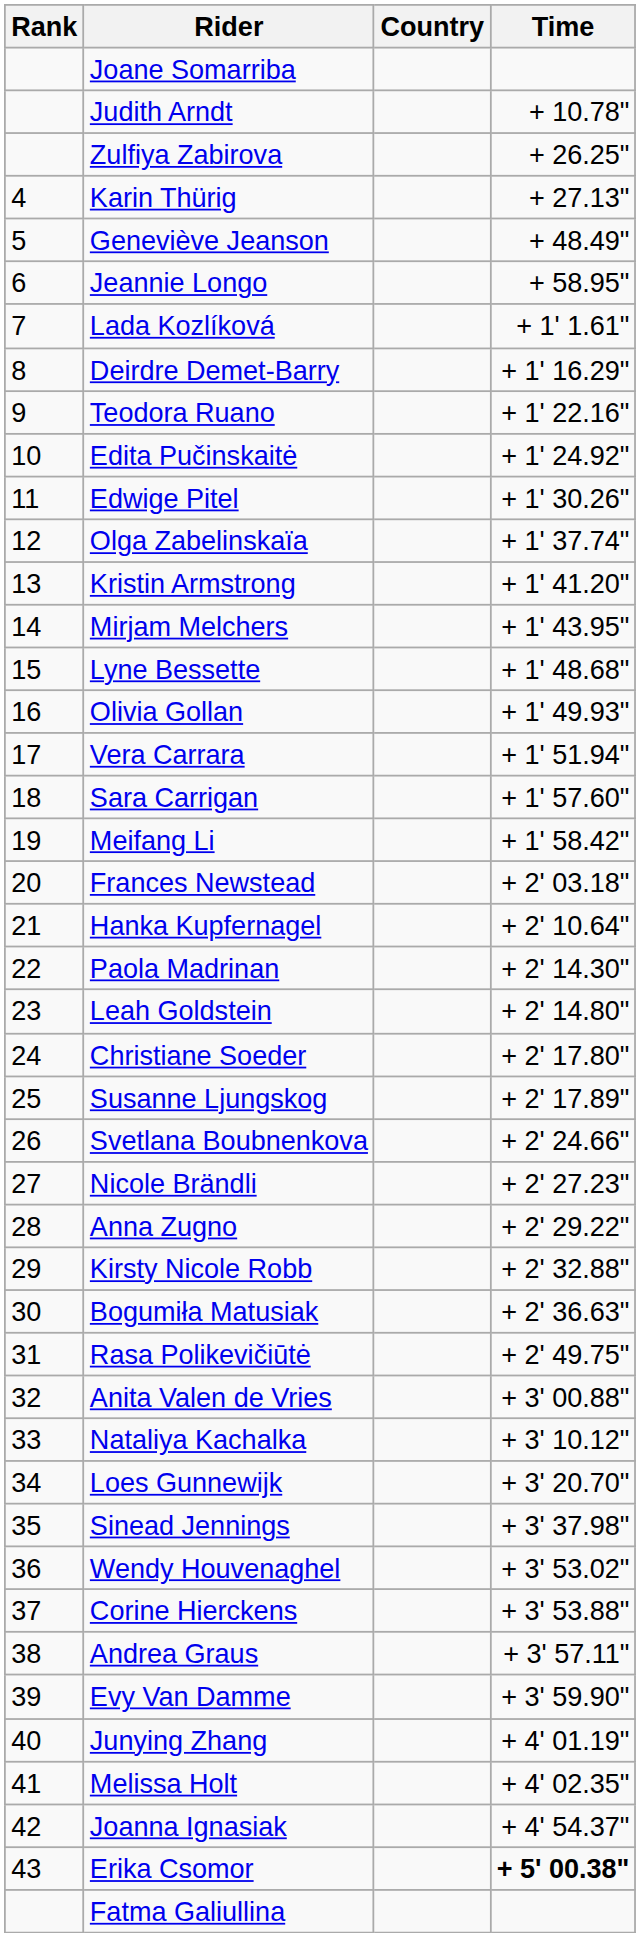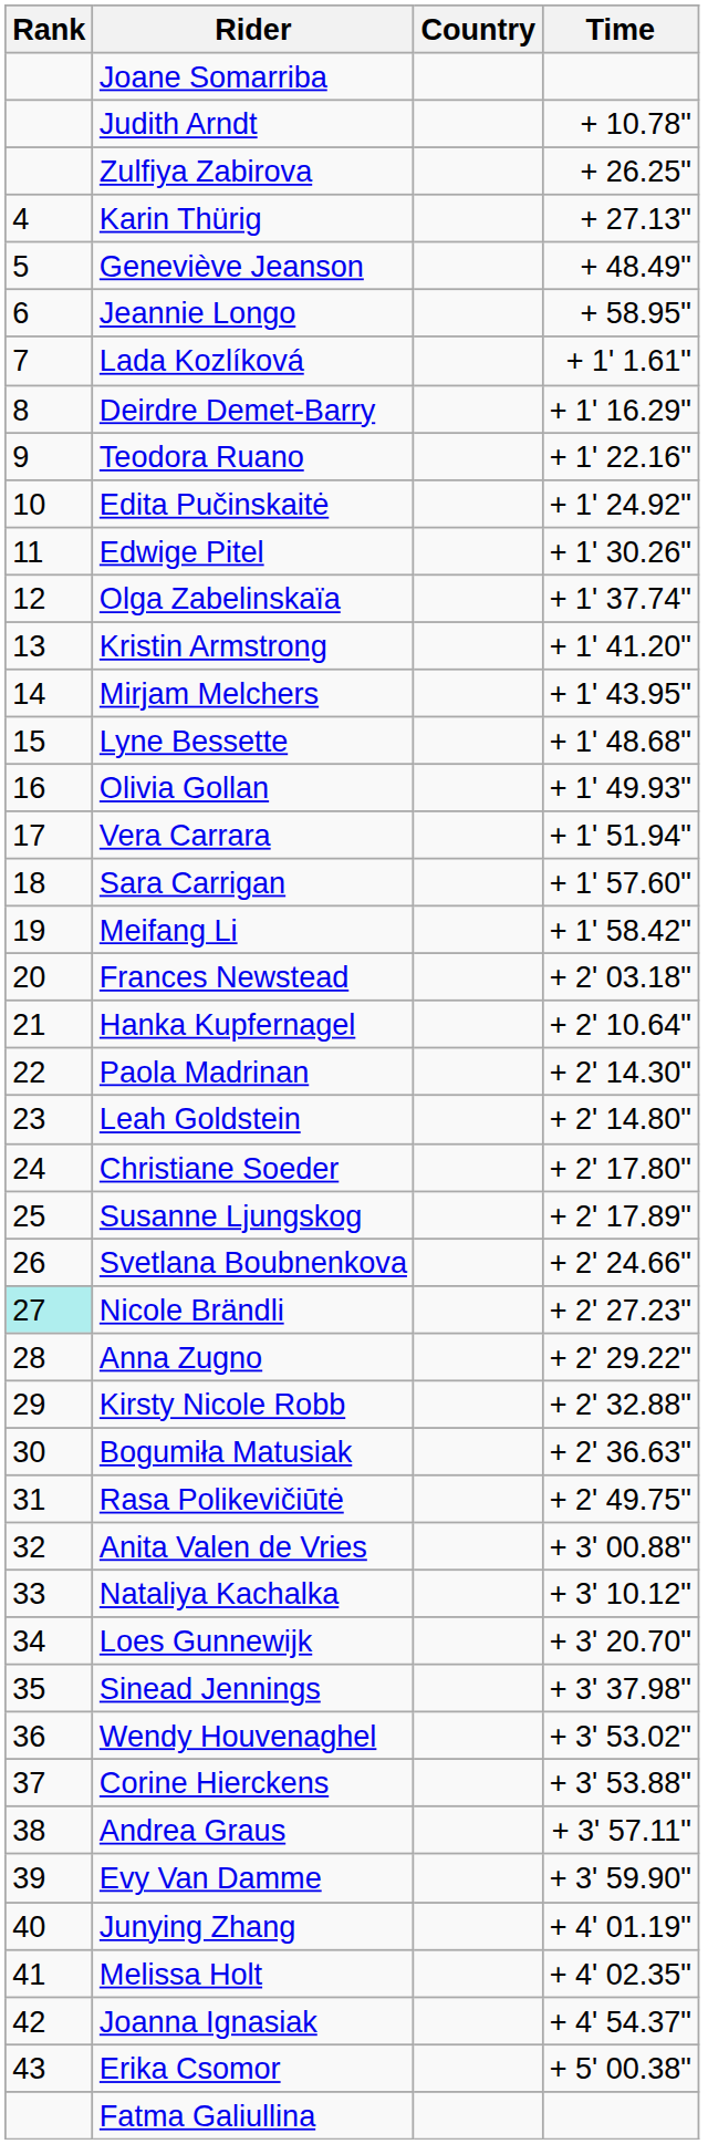 <table class="wikitable" style="font-size:95%; text-align:left;">
 <tr>
 <th>Rank</th>
 <th>Rider</th>
 <th>Country</th>
 <th>Time</th>
 </tr>
 <tr>
 <td></td>
 <td><a href='#'>Joane Somarriba</a></td>
 <td></td>
 <td align="right"></td>
 </tr>
 <tr>
 <td></td>
 <td><a href='#'>Judith Arndt</a></td>
 <td></td>
 <td align="right">+ 10.78"</td>
 </tr>
 <tr>
 <td></td>
 <td><a href='#'>Zulfiya Zabirova</a></td>
 <td></td>
 <td align="right">+ 26.25"</td>
 </tr>
 <tr>
 <td>4</td>
 <td><a href='#'>Karin Thürig</a></td>
 <td></td>
 <td align="right">+ 27.13"</td>
 </tr>
 <tr>
 <td>5</td>
 <td><a href='#'>Geneviève Jeanson</a></td>
 <td></td>
 <td align="right">+ 48.49"</td>
 </tr>
 <tr>
 <td>6</td>
 <td><a href='#'>Jeannie Longo</a></td>
 <td></td>
 <td align="right">+ 58.95"</td>
 </tr>
 <tr>
 <td>7</td>
 <td><a href='#'>Lada Kozlíková</a></td>
 <td></td>
 <td align="right">+ 1' 1.61"</td>
 </tr>
 <tr>
 <td>8</td>
 <td><a href='#'>Deirdre Demet-Barry</a></td>
 <td></td>
 <td align="right">+ 1' 16.29"</td>
 </tr>
 <tr>
 <td>9</td>
 <td><a href='#'>Teodora Ruano</a></td>
 <td></td>
 <td align="right">+ 1' 22.16"</td>
 </tr>
 <tr>
 <td>10</td>
 <td><a href='#'>Edita Pučinskaitė</a></td>
 <td></td>
 <td align="right">+ 1' 24.92"</td>
 </tr>
 <tr>
 <td>11</td>
 <td><a href='#'>Edwige Pitel</a></td>
 <td></td>
 <td align="right">+ 1' 30.26"</td>
 </tr>
 <tr>
 <td>12</td>
 <td><a href='#'>Olga Zabelinskaïa</a></td>
 <td></td>
 <td align="right">+ 1' 37.74"</td>
 </tr>
 <tr>
 <td>13</td>
 <td><a href='#'>Kristin Armstrong</a></td>
 <td></td>
 <td align="right">+ 1' 41.20"</td>
 </tr>
 <tr>
 <td>14</td>
 <td><a href='#'>Mirjam Melchers</a></td>
 <td></td>
 <td align="right">+ 1' 43.95"</td>
 </tr>
 <tr>
 <td>15</td>
 <td><a href='#'>Lyne Bessette</a></td>
 <td></td>
 <td align="right">+ 1' 48.68"</td>
 </tr>
 <tr>
 <td>16</td>
 <td><a href='#'>Olivia Gollan</a></td>
 <td></td>
 <td align="right">+ 1' 49.93"</td>
 </tr>
 <tr>
 <td>17</td>
 <td><a href='#'>Vera Carrara</a></td>
 <td></td>
 <td align="right">+ 1' 51.94"</td>
 </tr>
 <tr>
 <td>18</td>
 <td><a href='#'>Sara Carrigan</a></td>
 <td></td>
 <td align="right">+ 1' 57.60"</td>
 </tr>
 <tr>
 <td>19</td>
 <td><a href='#'>Meifang Li</a></td>
 <td></td>
 <td align="right">+ 1' 58.42"</td>
 </tr>
 <tr>
 <td>20</td>
 <td><a href='#'>Frances Newstead</a></td>
 <td></td>
 <td align="right">+ 2' 03.18"</td>
 </tr>
 <tr>
 <td>21</td>
 <td><a href='#'>Hanka Kupfernagel</a></td>
 <td></td>
 <td align="right">+ 2' 10.64"</td>
 </tr>
 <tr>
 <td>22</td>
 <td><a href='#'>Paola Madrinan</a></td>
 <td></td>
 <td align="right">+ 2' 14.30"</td>
 </tr>
 <tr>
 <td>23</td>
 <td><a href='#'>Leah Goldstein</a></td>
 <td></td>
 <td align="right">+ 2' 14.80"</td>
 </tr>
 <tr>
 <td>24</td>
 <td><a href='#'>Christiane Soeder</a></td>
 <td></td>
 <td align="right">+ 2' 17.80"</td>
 </tr>
 <tr>
 <td>25</td>
 <td><a href='#'>Susanne Ljungskog</a></td>
 <td></td>
 <td align="right">+ 2' 17.89"</td>
 </tr>
 <tr>
 <td>26</td>
 <td><a href='#'>Svetlana Boubnenkova</a></td>
 <td></td>
 <td align="right">+ 2' 24.66"</td>
 </tr>
 <tr>
-<td>27</td>
+<td style="background: paleturquoise;">27</td>
 <td><a href='#'>Nicole Brändli</a></td>
 <td></td>
 <td align="right">+ 2' 27.23"</td>
 </tr>
 <tr>
 <td>28</td>
 <td><a href='#'>Anna Zugno</a></td>
 <td></td>
 <td align="right">+ 2' 29.22"</td>
 </tr>
 <tr>
 <td>29</td>
 <td><a href='#'>Kirsty Nicole Robb</a></td>
 <td></td>
 <td align="right">+ 2' 32.88"</td>
 </tr>
 <tr>
 <td>30</td>
 <td><a href='#'>Bogumiła Matusiak</a></td>
 <td></td>
 <td align="right">+ 2' 36.63"</td>
 </tr>
 <tr>
 <td>31</td>
 <td><a href='#'>Rasa Polikevičiūtė</a></td>
 <td></td>
 <td align="right">+ 2' 49.75"</td>
 </tr>
 <tr>
 <td>32</td>
 <td><a href='#'>Anita Valen de Vries</a></td>
 <td></td>
 <td align="right">+ 3' 00.88"</td>
 </tr>
 <tr>
 <td>33</td>
 <td><a href='#'>Nataliya Kachalka</a></td>
 <td></td>
 <td align="right">+ 3' 10.12"</td>
 </tr>
 <tr>
 <td>34</td>
 <td><a href='#'>Loes Gunnewijk</a></td>
 <td></td>
 <td align="right">+ 3' 20.70"</td>
 </tr>
 <tr>
 <td>35</td>
 <td><a href='#'>Sinead Jennings</a></td>
 <td></td>
 <td align="right">+ 3' 37.98"</td>
 </tr>
 <tr>
 <td>36</td>
 <td><a href='#'>Wendy Houvenaghel</a></td>
 <td></td>
 <td align="right">+ 3' 53.02"</td>
 </tr>
 <tr>
 <td>37</td>
 <td><a href='#'>Corine Hierckens</a></td>
 <td></td>
 <td align="right">+ 3' 53.88"</td>
 </tr>
 <tr>
 <td>38</td>
 <td><a href='#'>Andrea Graus</a></td>
 <td></td>
 <td align="right">+ 3' 57.11"</td>
 </tr>
 <tr>
 <td>39</td>
 <td><a href='#'>Evy Van Damme</a></td>
 <td></td>
 <td align="right">+ 3' 59.90"</td>
 </tr>
 <tr>
 <td>40</td>
 <td><a href='#'>Junying Zhang</a></td>
 <td></td>
 <td align="right">+ 4' 01.19"</td>
 </tr>
 <tr>
 <td>41</td>
 <td><a href='#'>Melissa Holt</a></td>
 <td></td>
 <td align="right">+ 4' 02.35"</td>
 </tr>
 <tr>
 <td>42</td>
 <td><a href='#'>Joanna Ignasiak</a></td>
 <td></td>
 <td align="right">+ 4' 54.37"</td>
 </tr>
 <tr>
 <td>43</td>
 <td><a href='#'>Erika Csomor</a></td>
 <td></td>
-<td align="right"><strong>+ 5' 00.38"</strong></td>
+<td align="right">+ 5' 00.38"</td>
 </tr>
 <tr>
 <td></td>
 <td><a href='#'>Fatma Galiullina</a></td>
 <td></td>
 <td></td>
 </tr>
 </table>
